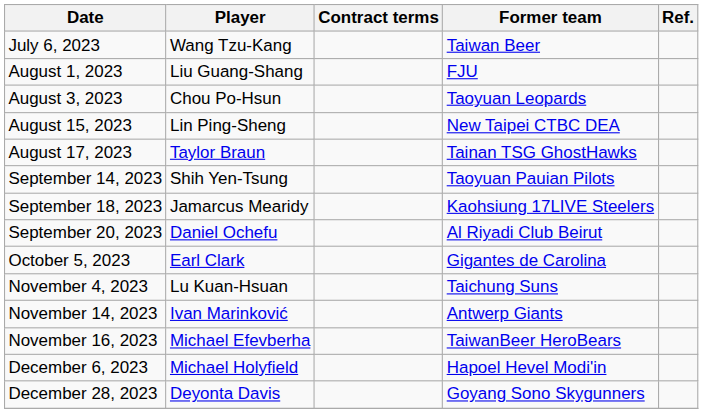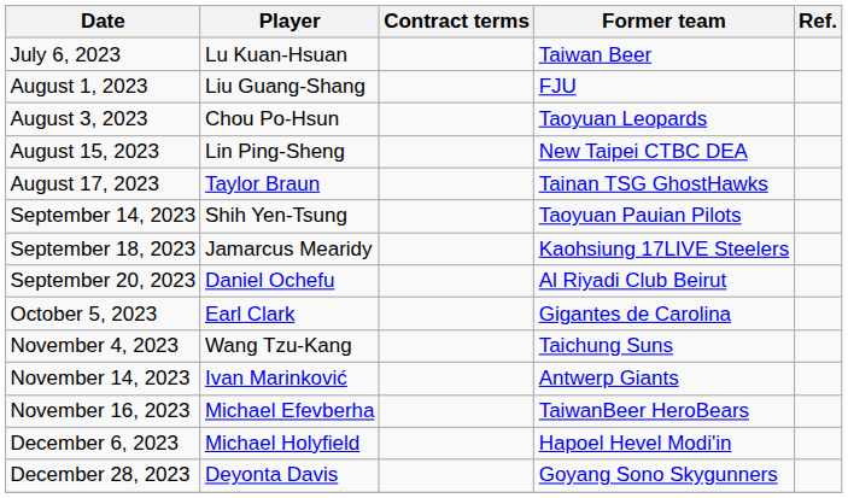 <table class="wikitable">
 <tr>
 <th>Date</th>
 <th>Player</th>
 <th>Contract terms</th>
 <th>Former team</th>
 <th>Ref.</th>
 </tr>
 <tr>
 <td>July 6, 2023</td>
-<td>Wang Tzu-Kang</td>
+<td>Lu Kuan-Hsuan</td>
 <td></td>
 <td><a href='#'>Taiwan Beer</a></td>
 <td></td>
 </tr>
 <tr>
 <td>August 1, 2023</td>
 <td>Liu Guang-Shang</td>
 <td></td>
 <td><a href='#'>FJU</a></td>
 <td></td>
 </tr>
 <tr>
 <td>August 3, 2023</td>
 <td>Chou Po-Hsun</td>
 <td></td>
 <td><a href='#'>Taoyuan Leopards</a></td>
 <td></td>
 </tr>
 <tr>
 <td>August 15, 2023</td>
 <td>Lin Ping-Sheng</td>
 <td></td>
 <td><a href='#'>New Taipei CTBC DEA</a></td>
 <td></td>
 </tr>
 <tr>
 <td>August 17, 2023</td>
 <td><a href='#'>Taylor Braun</a></td>
 <td></td>
 <td><a href='#'>Tainan TSG GhostHawks</a></td>
 <td></td>
 </tr>
 <tr>
 <td>September 14, 2023</td>
 <td>Shih Yen-Tsung</td>
 <td></td>
 <td><a href='#'>Taoyuan Pauian Pilots</a></td>
 <td></td>
 </tr>
 <tr>
 <td>September 18, 2023</td>
 <td>Jamarcus Mearidy</td>
 <td></td>
 <td><a href='#'>Kaohsiung 17LIVE Steelers</a></td>
 <td></td>
 </tr>
 <tr>
 <td>September 20, 2023</td>
 <td><a href='#'>Daniel Ochefu</a></td>
 <td></td>
 <td><a href='#'>Al Riyadi Club Beirut</a></td>
 <td></td>
 </tr>
 <tr>
 <td>October 5, 2023</td>
 <td><a href='#'>Earl Clark</a></td>
 <td></td>
 <td><a href='#'>Gigantes de Carolina</a></td>
 <td></td>
 </tr>
 <tr>
 <td>November 4, 2023</td>
-<td>Lu Kuan-Hsuan</td>
+<td>Wang Tzu-Kang</td>
 <td></td>
 <td><a href='#'>Taichung Suns</a></td>
 <td></td>
 </tr>
 <tr>
 <td>November 14, 2023</td>
 <td><a href='#'>Ivan Marinković</a></td>
 <td></td>
 <td><a href='#'>Antwerp Giants</a></td>
 <td></td>
 </tr>
 <tr>
 <td>November 16, 2023</td>
 <td><a href='#'>Michael Efevberha</a></td>
 <td></td>
 <td><a href='#'>TaiwanBeer HeroBears</a></td>
 <td></td>
 </tr>
 <tr>
 <td>December 6, 2023</td>
 <td><a href='#'>Michael Holyfield</a></td>
 <td></td>
 <td><a href='#'>Hapoel Hevel Modi'in</a></td>
 <td></td>
 </tr>
 <tr>
 <td>December 28, 2023</td>
 <td><a href='#'>Deyonta Davis</a></td>
 <td></td>
 <td><a href='#'>Goyang Sono Skygunners</a></td>
 <td></td>
 </tr>
 <tr>
 </tr>
 </table>
